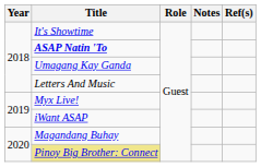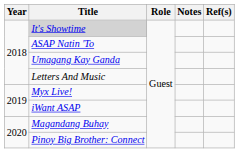 <table class="wikitable plainrowheaders sortable" style="margin-right: 0;">
 <tr>
 <th scope="col">Year</th>
 <th scope="col">Title</th>
 <th scope="col">Role</th>
 <th>Notes</th>
 <th>Ref(s)</th>
 </tr>
 <tr>
 <td rowspan="4">2018</td>
-<td><em><a href='#'>It's Showtime</a></em></td>
+<td style="background: lightgrey;"><em><a href='#'>It's Showtime</a></em></td>
 <td rowspan="8">Guest</td>
 <td></td>
 <td></td>
 </tr>
 <tr>
-<td><strong><em><a href='#'>ASAP Natin 'To</a></em></strong></td>
+<td><em><a href='#'>ASAP Natin 'To</a></em></td>
 <td></td>
 <td></td>
 </tr>
 <tr>
 <td><em><a href='#'>Umagang Kay Ganda</a></em></td>
 <td></td>
 <td></td>
 </tr>
 <tr>
 <td><em>Letters And Music</em></td>
 <td></td>
 <td></td>
 </tr>
 <tr>
 <td rowspan="2">2019</td>
 <td><a href='#'><em>Myx Live!</em></a></td>
 <td></td>
 <td></td>
 </tr>
 <tr>
 <td><em><a href='#'>iWant ASAP</a></em></td>
 <td></td>
 <td></td>
 </tr>
 <tr>
 <td rowspan="2">2020</td>
 <td><em><a href='#'>Magandang Buhay</a></em></td>
 <td></td>
 <td></td>
 </tr>
 <tr>
-<td style="background: khaki;"><em><a href='#'>Pinoy Big Brother: Connect</a></em></td>
+<td><em><a href='#'>Pinoy Big Brother: Connect</a></em></td>
 <td></td>
 <td></td>
 </tr>
 </table>
